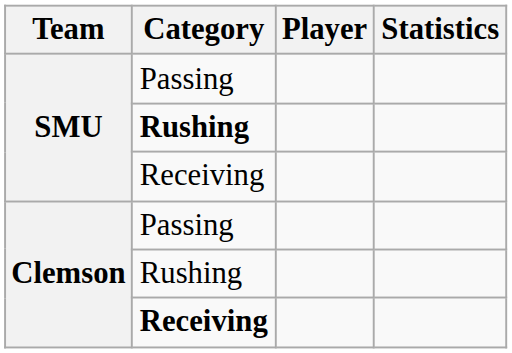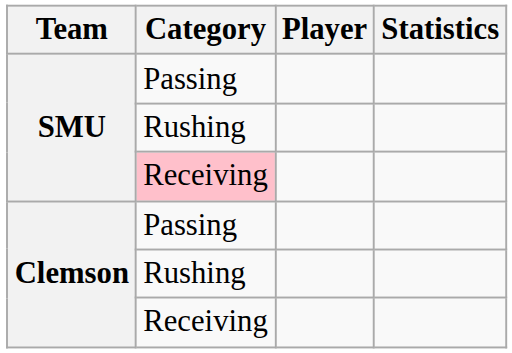 <table class="wikitable" style="float:right">
 <tr>
 <th>Team</th>
 <th>Category</th>
 <th>Player</th>
 <th>Statistics</th>
 </tr>
 <tr>
 <th rowspan=3>SMU</th>
 <td>Passing</td>
 <td></td>
 <td></td>
 </tr>
 <tr>
-<td><strong>Rushing</strong></td>
+<td>Rushing</td>
 <td></td>
 <td></td>
 </tr>
 <tr>
-<td>Receiving</td>
+<td style="background: pink;">Receiving</td>
 <td></td>
 <td></td>
 </tr>
 <tr>
 <th rowspan=3>Clemson</th>
 <td>Passing</td>
 <td></td>
 <td></td>
 </tr>
 <tr>
 <td>Rushing</td>
 <td></td>
 <td></td>
 </tr>
 <tr>
-<td><strong>Receiving</strong></td>
+<td>Receiving</td>
 <td></td>
 <td></td>
 </tr>
 </table>
